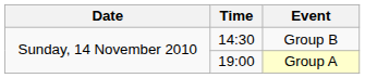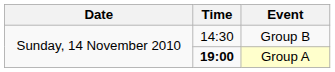 <table class = "wikitable" style="text-align:center;">
 <tr>
 <th width=220>Date</th>
 <th width=50>Time</th>
 <th width=100>Event</th>
 </tr>
 <tr>
 <td rowspan=2>Sunday, 14 November 2010</td>
 <td>14:30</td>
 <td>Group B</td>
 </tr>
 <tr>
-<td>19:00</td>
+<td><strong>19:00</strong></td>
 <td bgcolor=ffffcc>Group A</td>
 </tr>
 </table>
